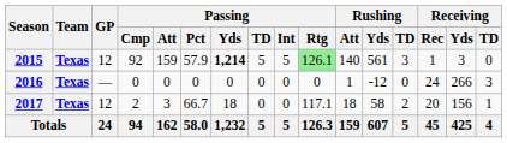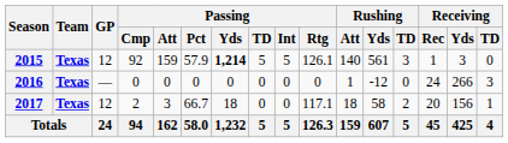 <table class="wikitable sortable" style="text-align:center;">
 <tr>
 <th rowspan="2">Season</th>
 <th rowspan="2">Team</th>
 <th rowspan="2">GP</th>
 <th colspan="7">Passing</th>
 <th colspan="3">Rushing</th>
 <th colspan="3">Receiving</th>
 </tr>
 <tr>
 <th>Cmp</th>
 <th>Att</th>
 <th>Pct</th>
 <th>Yds</th>
 <th>TD</th>
 <th>Int</th>
 <th>Rtg</th>
 <th>Att</th>
 <th>Yds</th>
 <th>TD</th>
 <th>Rec</th>
 <th>Yds</th>
 <th>TD</th>
 </tr>
 <tr>
 <th><a href='#'>2015</a></th>
 <th><a href='#'>Texas</a></th>
 <td>12</td>
 <td>92</td>
 <td>159</td>
 <td>57.9</td>
 <td><strong>1,214</strong></td>
 <td>5</td>
 <td>5</td>
-<td style="background: lightgreen;">126.1</td>
+<td>126.1</td>
 <td>140</td>
 <td>561</td>
 <td>3</td>
 <td>1</td>
 <td>3</td>
 <td>0</td>
 </tr>
 <tr>
 <th><a href='#'>2016</a></th>
 <th><a href='#'>Texas</a></th>
 <td>—</td>
 <td>0</td>
 <td>0</td>
 <td>0</td>
 <td>0</td>
 <td>0</td>
 <td>0</td>
 <td>0</td>
 <td>1</td>
 <td>-12</td>
 <td>0</td>
 <td>24</td>
 <td>266</td>
 <td>3</td>
 </tr>
 <tr>
 <th><a href='#'>2017</a></th>
 <th><a href='#'>Texas</a></th>
 <td>12</td>
 <td>2</td>
 <td>3</td>
 <td>66.7</td>
 <td>18</td>
 <td>0</td>
 <td>0</td>
 <td>117.1</td>
 <td>18</td>
 <td>58</td>
 <td>2</td>
 <td>20</td>
 <td>156</td>
 <td>1</td>
 </tr>
 <tr>
 <th colspan="2">Totals</th>
 <th>24</th>
 <th>94</th>
 <th>162</th>
 <th>58.0</th>
 <th>1,232</th>
 <th>5</th>
 <th>5</th>
 <th>126.3</th>
 <th>159</th>
 <th>607</th>
 <th>5</th>
 <th>45</th>
 <th>425</th>
 <th>4</th>
 </tr>
 </table>
